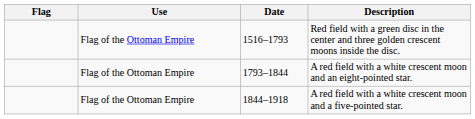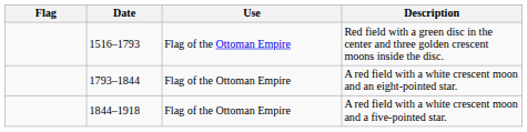 <table class="wikitable">
 <tr>
 <th style="width:110px;">Flag</th>
+<th style="width:100px;">Date</th>
 <th style="width:250px;">Use</th>
-<th style="width:100px;">Date</th>
 <th style="width:250px;">Description</th>
 </tr>
 <tr>
 <td></td>
+<td>1516–1793</td>
 <td>Flag of the <a href='#'>Ottoman Empire</a></td>
-<td>1516–1793</td>
 <td>Red field with a green disc in the center and three golden crescent moons inside the disc.</td>
 </tr>
 <tr>
 <td></td>
+<td>1793–1844</td>
 <td>Flag of the Ottoman Empire</td>
-<td>1793–1844</td>
 <td>A red field with a white crescent moon and an eight-pointed star.</td>
 </tr>
 <tr>
 <td></td>
+<td>1844–1918</td>
 <td>Flag of the Ottoman Empire</td>
-<td>1844–1918</td>
 <td>A red field with a white crescent moon and a five-pointed star.</td>
 </tr>
 </table>
